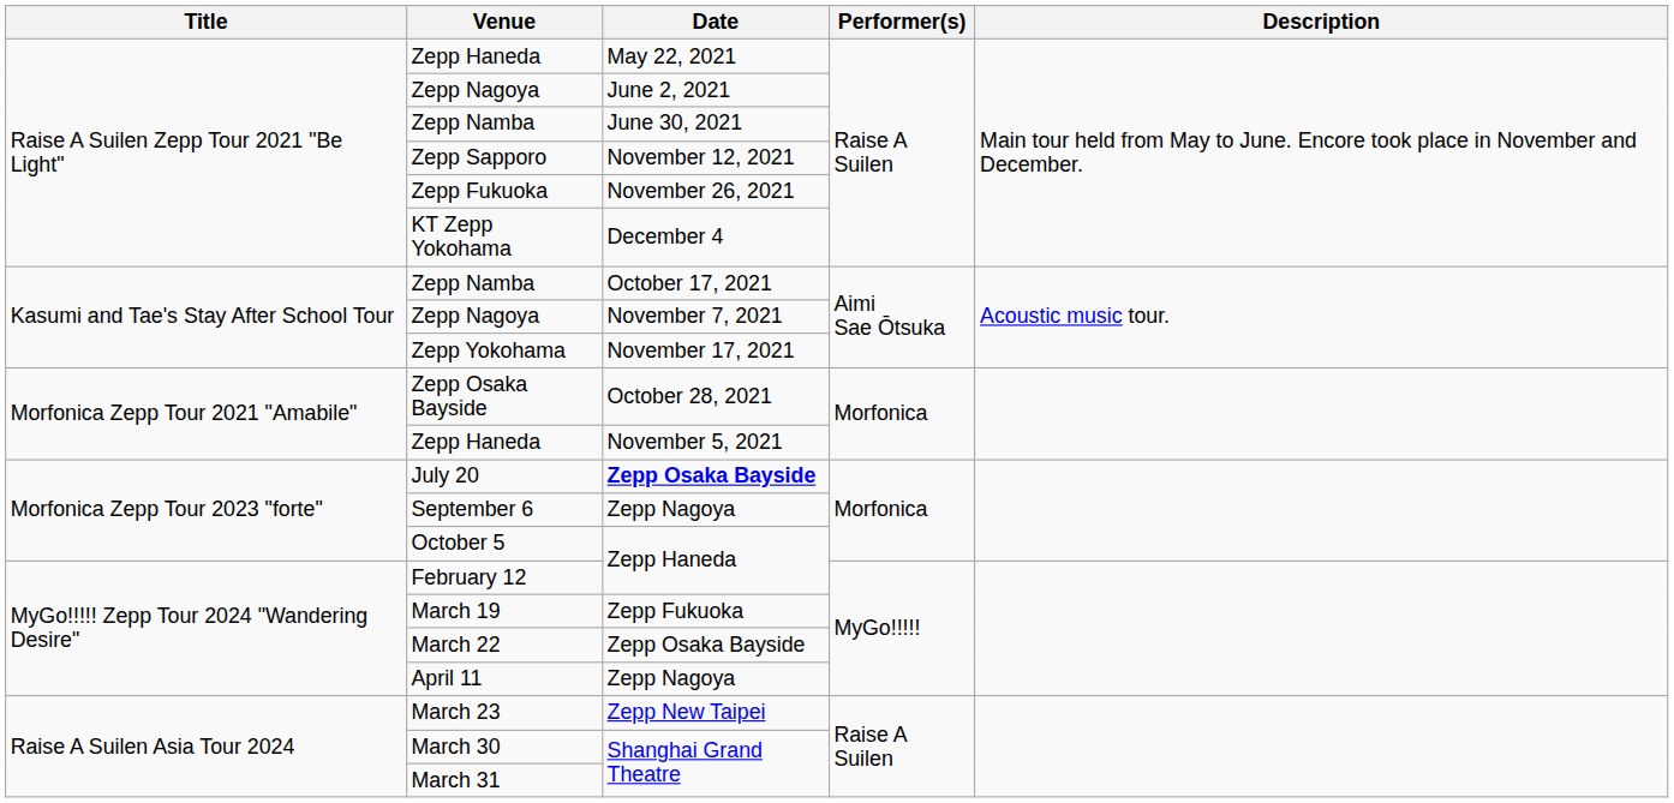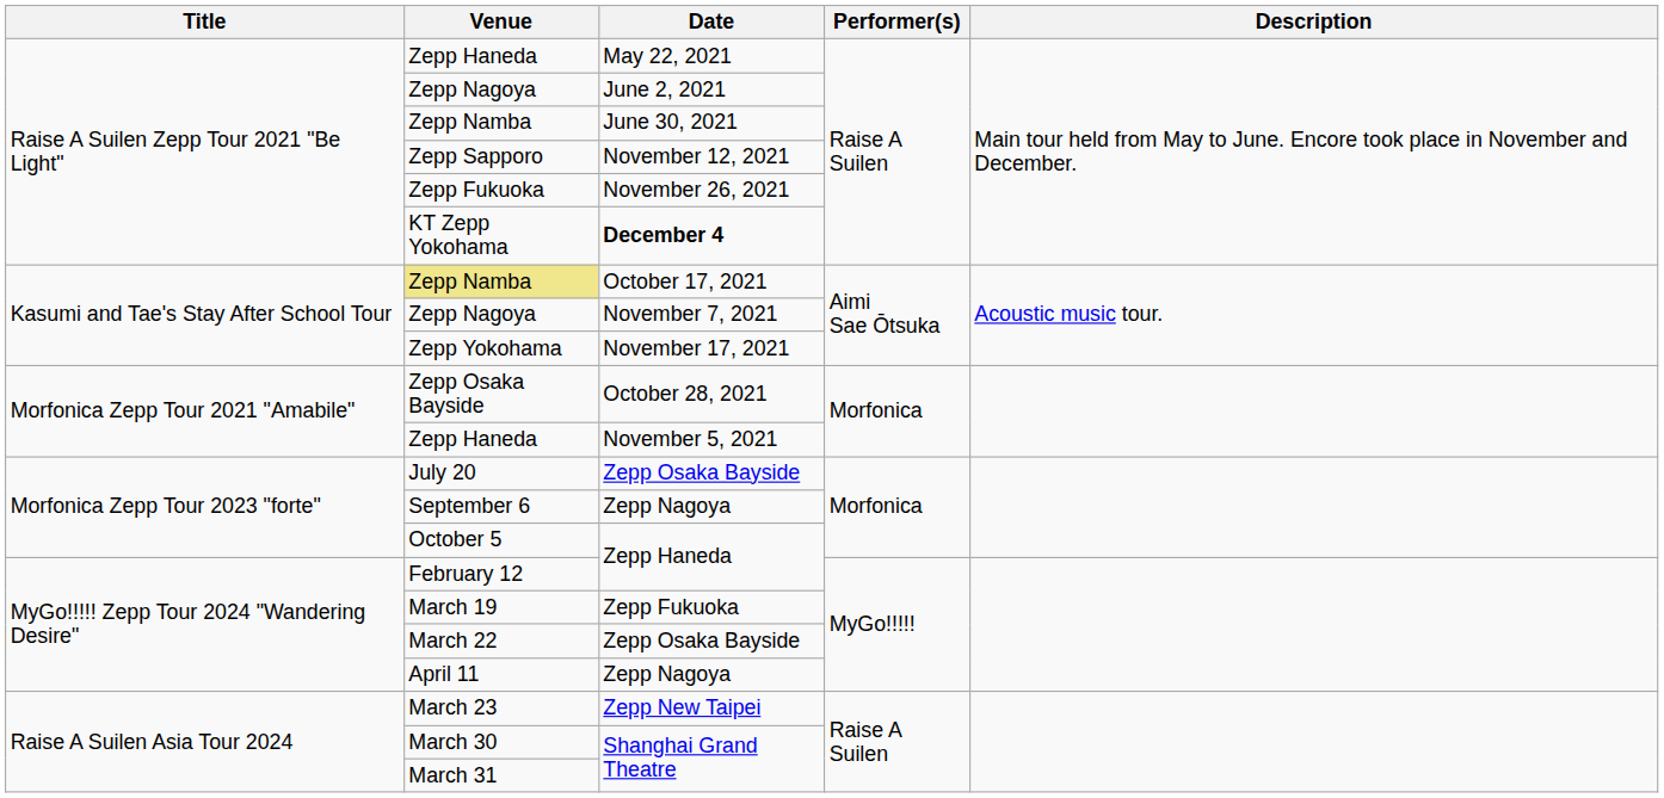 <table class="wikitable" text-align: center>
 <tr>
 <th>Title</th>
 <th>Venue</th>
 <th>Date</th>
 <th>Performer(s)</th>
 <th>Description</th>
 </tr>
 <tr>
 <td rowspan=6>Raise A Suilen Zepp Tour 2021 "Be Light"</td>
 <td>Zepp Haneda</td>
 <td>May 22, 2021</td>
 <td rowspan=6>Raise A Suilen</td>
 <td rowspan=6>Main tour held from May to June. Encore took place in November and December.</td>
 </tr>
 <tr>
 <td>Zepp Nagoya</td>
 <td>June 2, 2021</td>
 </tr>
 <tr>
 <td>Zepp Namba</td>
 <td>June 30, 2021</td>
 </tr>
 <tr>
 <td>Zepp Sapporo</td>
 <td>November 12, 2021</td>
 </tr>
 <tr>
 <td>Zepp Fukuoka</td>
 <td>November 26, 2021</td>
 </tr>
 <tr>
 <td>KT Zepp Yokohama</td>
-<td>December 4</td>
+<td><strong>December 4</strong></td>
 </tr>
 <tr>
 <td rowspan=3>Kasumi and Tae's Stay After School Tour</td>
-<td>Zepp Namba</td>
+<td style="background: khaki;">Zepp Namba</td>
 <td>October 17, 2021</td>
 <td rowspan=3>Aimi<br>Sae Ōtsuka</td>
 <td rowspan=3><a href='#'>Acoustic music</a> tour.</td>
 </tr>
 <tr>
 <td>Zepp Nagoya</td>
 <td>November 7, 2021</td>
 </tr>
 <tr>
 <td>Zepp Yokohama</td>
 <td>November 17, 2021</td>
 </tr>
 <tr>
 <td rowspan=2>Morfonica Zepp Tour 2021 "Amabile"</td>
 <td>Zepp Osaka Bayside</td>
 <td>October 28, 2021</td>
 <td rowspan=2>Morfonica</td>
 <td rowspan=2></td>
 </tr>
 <tr>
 <td>Zepp Haneda</td>
 <td>November 5, 2021</td>
 </tr>
 <tr>
 <td rowspan="3">Morfonica Zepp Tour 2023 "forte"</td>
 <td>July 20</td>
-<td><strong><a href='#'>Zepp Osaka Bayside</a></strong></td>
+<td><a href='#'>Zepp Osaka Bayside</a></td>
 <td rowspan="3">Morfonica</td>
 <td rowspan="3"></td>
 </tr>
 <tr>
 <td>September 6</td>
 <td>Zepp Nagoya</td>
 </tr>
 <tr>
 <td>October 5</td>
 <td rowspan="2">Zepp Haneda</td>
 </tr>
 <tr>
 <td rowspan="4">MyGo!!!!! Zepp Tour 2024 "Wandering Desire"</td>
 <td>February 12</td>
 <td rowspan="4">MyGo!!!!!</td>
 <td rowspan="4"></td>
 </tr>
 <tr>
 <td>March 19</td>
 <td>Zepp Fukuoka</td>
 </tr>
 <tr>
 <td>March 22</td>
 <td>Zepp Osaka Bayside</td>
 </tr>
 <tr>
 <td>April 11</td>
 <td>Zepp Nagoya</td>
 </tr>
 <tr>
 <td rowspan="3">Raise A Suilen Asia Tour 2024</td>
 <td>March 23</td>
 <td><a href='#'>Zepp New Taipei</a></td>
 <td rowspan="3">Raise A Suilen</td>
 <td rowspan="3"></td>
 </tr>
 <tr>
 <td>March 30</td>
 <td rowspan="2"><a href='#'>Shanghai Grand Theatre</a></td>
 </tr>
 <tr>
 <td>March 31</td>
 </tr>
 </table>
